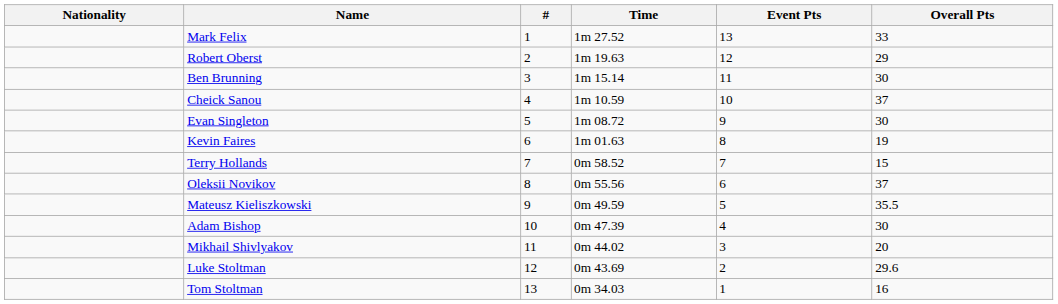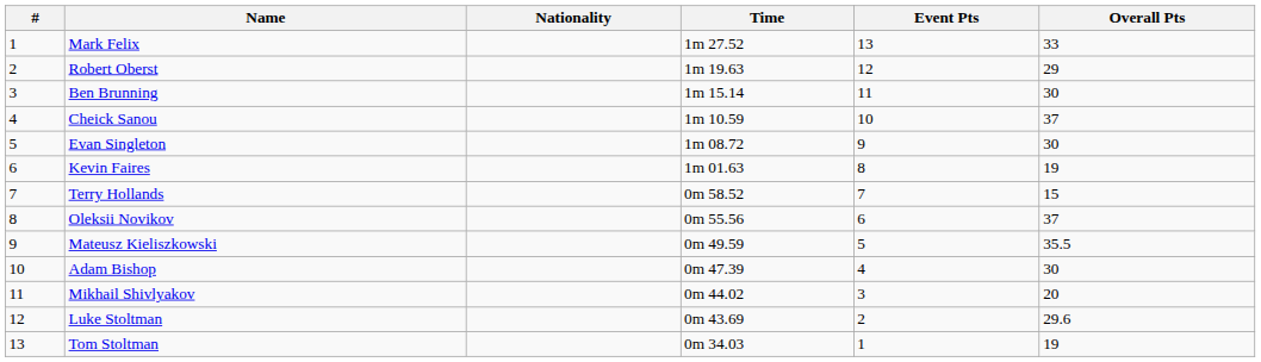 <table class="wikitable sortable" style="display: inline-table;width: 100%;">
 <tr>
+<th>#</th>
+<th>Name</th>
 <th>Nationality</th>
-<th>Name</th>
-<th>#</th>
 <th>Time</th>
 <th>Event Pts</th>
 <th>Overall Pts</th>
 </tr>
 <tr>
+<td>1</td>
+<td><a href='#'>Mark Felix</a></td>
 <td></td>
-<td><a href='#'>Mark Felix</a></td>
-<td>1</td>
 <td>1m 27.52</td>
 <td>13</td>
 <td>33</td>
 </tr>
 <tr>
+<td>2</td>
+<td><a href='#'>Robert Oberst</a></td>
 <td></td>
-<td><a href='#'>Robert Oberst</a></td>
-<td>2</td>
 <td>1m 19.63</td>
 <td>12</td>
 <td>29</td>
 </tr>
 <tr>
+<td>3</td>
+<td><a href='#'>Ben Brunning</a></td>
 <td></td>
-<td><a href='#'>Ben Brunning</a></td>
-<td>3</td>
 <td>1m 15.14</td>
 <td>11</td>
 <td>30</td>
 </tr>
 <tr>
+<td>4</td>
+<td><a href='#'>Cheick Sanou</a></td>
 <td></td>
-<td><a href='#'>Cheick Sanou</a></td>
-<td>4</td>
 <td>1m 10.59</td>
 <td>10</td>
 <td>37</td>
 </tr>
 <tr>
+<td>5</td>
+<td><a href='#'>Evan Singleton</a></td>
 <td></td>
-<td><a href='#'>Evan Singleton</a></td>
-<td>5</td>
 <td>1m 08.72</td>
 <td>9</td>
 <td>30</td>
 </tr>
 <tr>
+<td>6</td>
+<td><a href='#'>Kevin Faires</a></td>
 <td></td>
-<td><a href='#'>Kevin Faires</a></td>
-<td>6</td>
 <td>1m 01.63</td>
 <td>8</td>
 <td>19</td>
 </tr>
 <tr>
+<td>7</td>
+<td><a href='#'>Terry Hollands</a></td>
 <td></td>
-<td><a href='#'>Terry Hollands</a></td>
-<td>7</td>
 <td>0m 58.52</td>
 <td>7</td>
 <td>15</td>
 </tr>
 <tr>
+<td>8</td>
+<td><a href='#'>Oleksii Novikov</a></td>
 <td></td>
-<td><a href='#'>Oleksii Novikov</a></td>
-<td>8</td>
 <td>0m 55.56</td>
 <td>6</td>
 <td>37</td>
 </tr>
 <tr>
+<td>9</td>
+<td><a href='#'>Mateusz Kieliszkowski</a></td>
 <td></td>
-<td><a href='#'>Mateusz Kieliszkowski</a></td>
-<td>9</td>
 <td>0m 49.59</td>
 <td>5</td>
 <td>35.5</td>
 </tr>
 <tr>
+<td>10</td>
+<td><a href='#'>Adam Bishop</a></td>
 <td></td>
-<td><a href='#'>Adam Bishop</a></td>
-<td>10</td>
 <td>0m 47.39</td>
 <td>4</td>
 <td>30</td>
 </tr>
 <tr>
+<td>11</td>
+<td><a href='#'>Mikhail Shivlyakov</a></td>
 <td></td>
-<td><a href='#'>Mikhail Shivlyakov</a></td>
-<td>11</td>
 <td>0m 44.02</td>
 <td>3</td>
 <td>20</td>
 </tr>
 <tr>
+<td>12</td>
+<td><a href='#'>Luke Stoltman</a></td>
 <td></td>
-<td><a href='#'>Luke Stoltman</a></td>
-<td>12</td>
 <td>0m 43.69</td>
 <td>2</td>
 <td>29.6</td>
 </tr>
 <tr>
+<td>13</td>
+<td><a href='#'>Tom Stoltman</a></td>
 <td></td>
-<td><a href='#'>Tom Stoltman</a></td>
-<td>13</td>
 <td>0m 34.03</td>
 <td>1</td>
-<td>16</td>
+<td>19</td>
 </tr>
 </table>
